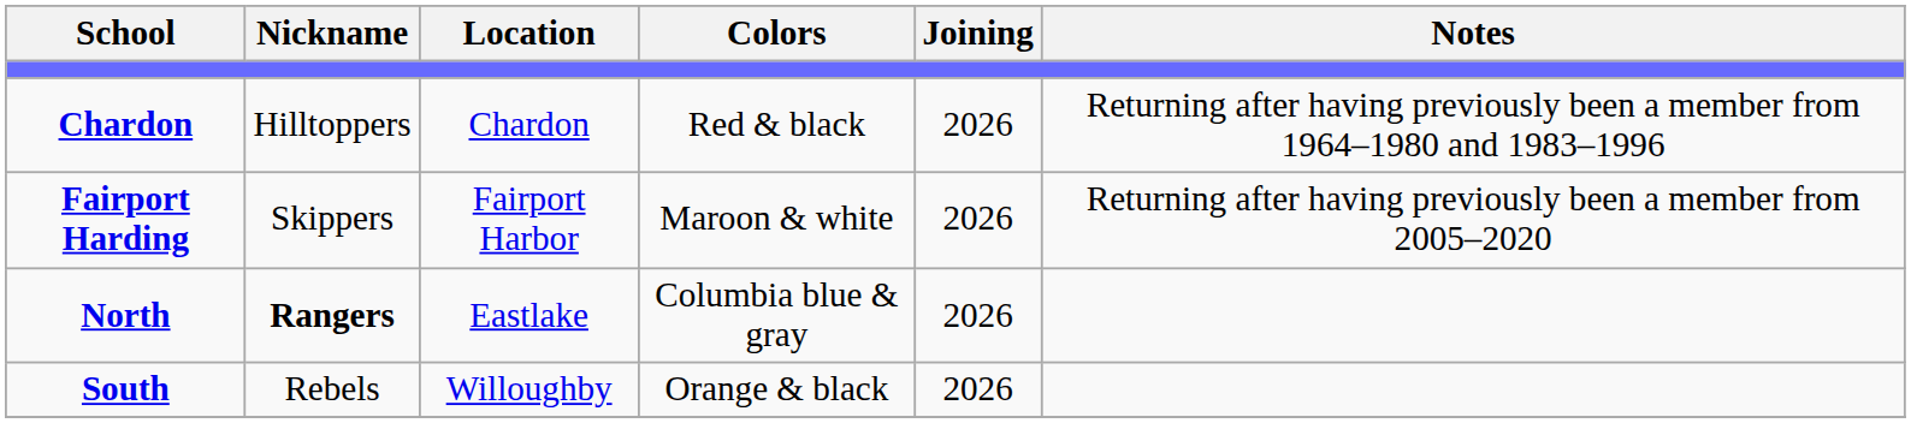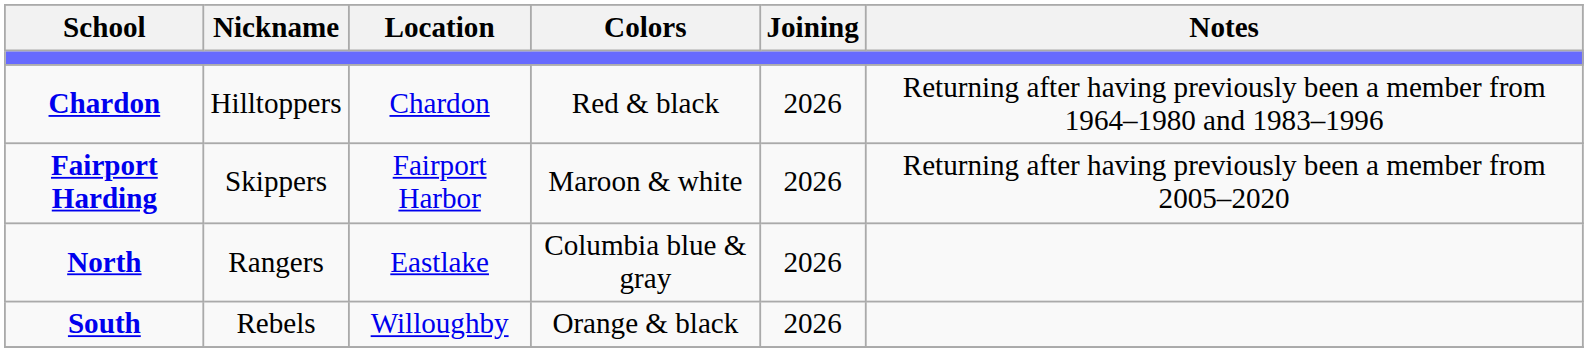 <table class="wikitable sortable">
 <tr>
 <th>School</th>
 <th>Nickname</th>
 <th>Location</th>
 <th>Colors</th>
 <th>Joining</th>
 <th>Notes</th>
 </tr>
 <tr>
 <th colspan="8" style="background:#676AFE;"></th>
 </tr>
 <tr>
 <td align=center><strong><a href='#'>Chardon</a></strong></td>
 <td align=center>Hilltoppers</td>
 <td align=center><a href='#'>Chardon</a></td>
 <td align=center>Red & black <br> </td>
 <td align=center>2026</td>
 <td align=center>Returning after having previously been a member from 1964–1980 and 1983–1996</td>
 </tr>
 <tr>
 <td align=center><strong><a href='#'>Fairport Harding</a></strong></td>
 <td align=center>Skippers</td>
 <td align=center><a href='#'>Fairport Harbor</a></td>
 <td align=center>Maroon & white <br> </td>
 <td align=center>2026</td>
 <td align=center>Returning after having previously been a member from 2005–2020</td>
 </tr>
 <tr>
 <td align=center><strong><a href='#'>North</a></strong></td>
-<td align=center><strong>Rangers</strong></td>
+<td align=center>Rangers</td>
 <td align=center><a href='#'>Eastlake</a></td>
 <td align=center>Columbia blue & gray <br>  </td>
 <td align=center>2026</td>
 <td align=center></td>
 </tr>
 <tr>
 <td align=center><strong><a href='#'>South</a></strong></td>
 <td align=center>Rebels</td>
 <td align=center><a href='#'>Willoughby</a></td>
 <td align=center>Orange & black <br>  </td>
 <td align=center>2026</td>
 <td align=center></td>
 </tr>
 <tr>
 </tr>
 </table>
